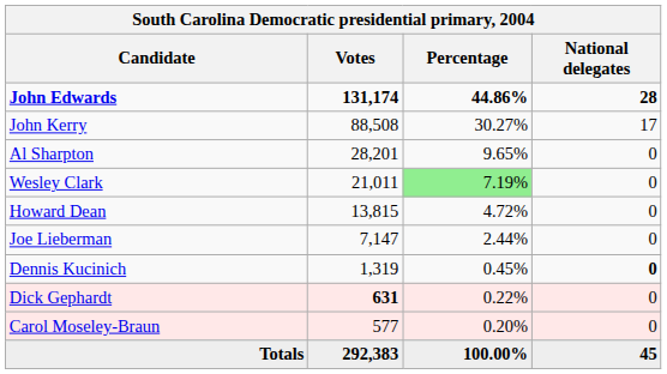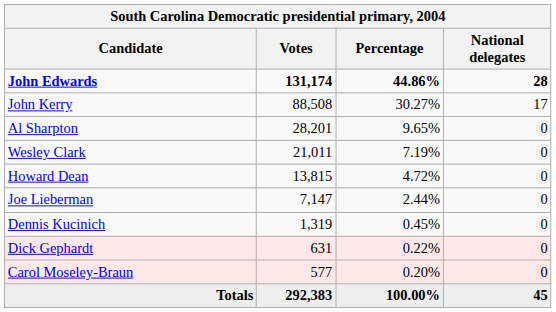 <table class="wikitable" style="font-size: 95%;">
 <tr>
 <th colspan="4">South Carolina Democratic presidential primary, 2004</th>
 </tr>
 <tr>
 <th style="width: 17em">Candidate</th>
 <th style="width: 5em">Votes</th>
 <th style="width: 7em">Percentage</th>
 <th style="width: 7em">National delegates</th>
 </tr>
 <tr>
 <td><strong><a href='#'>John Edwards</a></strong></td>
 <td style="text-align:right;"><strong>131,174</strong></td>
 <td style="text-align:right;"><strong>44.86%</strong></td>
 <td style="text-align:right;"><strong>28</strong></td>
 </tr>
 <tr>
 <td><a href='#'>John Kerry</a></td>
 <td style="text-align:right;">88,508</td>
 <td style="text-align:right;">30.27%</td>
 <td style="text-align:right;">17</td>
 </tr>
 <tr>
 <td><a href='#'>Al Sharpton</a></td>
 <td style="text-align:right;">28,201</td>
 <td style="text-align:right;">9.65%</td>
 <td style="text-align:right;">0</td>
 </tr>
 <tr>
 <td><a href='#'>Wesley Clark</a></td>
 <td style="text-align:right;">21,011</td>
-<td style="background: lightgreen; text-align:right;">7.19%</td>
+<td style="text-align:right;">7.19%</td>
 <td style="text-align:right;">0</td>
 </tr>
 <tr>
 <td><a href='#'>Howard Dean</a></td>
 <td style="text-align:right;">13,815</td>
 <td style="text-align:right;">4.72%</td>
 <td style="text-align:right;">0</td>
 </tr>
 <tr>
 <td><a href='#'>Joe Lieberman</a></td>
 <td style="text-align:right;">7,147</td>
 <td style="text-align:right;">2.44%</td>
 <td style="text-align:right;">0</td>
 </tr>
 <tr>
 <td><a href='#'>Dennis Kucinich</a></td>
 <td style="text-align:right;">1,319</td>
 <td style="text-align:right;">0.45%</td>
-<td style="text-align:right;"><strong>0</strong></td>
+<td style="text-align:right;">0</td>
 </tr>
 <tr style="background:#ffe8e8;">
 <td><a href='#'>Dick Gephardt</a></td>
-<td style="text-align:right;"><strong>631</strong></td>
+<td style="text-align:right;">631</td>
 <td style="text-align:right;">0.22%</td>
 <td style="text-align:right;">0</td>
 </tr>
 <tr style="background:#ffe8e8;">
 <td><a href='#'>Carol Moseley-Braun</a></td>
 <td style="text-align:right;">577</td>
 <td style="text-align:right;">0.20%</td>
 <td style="text-align:right;">0</td>
 </tr>
 <tr style="background:#eee; text-align:right;">
 <td><strong>Totals</strong></td>
 <td><strong>292,383</strong></td>
 <td><strong>100.00%</strong></td>
 <td><strong>45</strong></td>
 </tr>
 </table>
